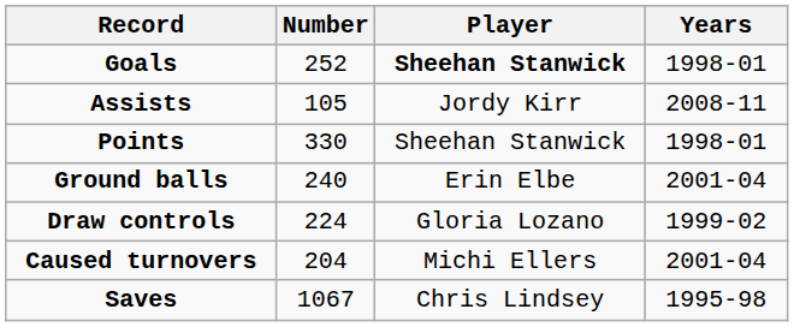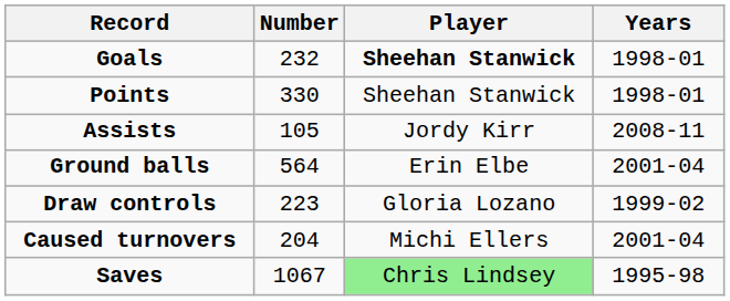 <table class="wikitable">
 <tr>
 <th style="width:140px; ">Record</th>
 <th style="width:35px; ">Number</th>
 <th style="width:140px; ">Player</th>
 <th style="width:70px; ">Years</th>
 </tr>
 <tr style="text-align:center;">
 <td><strong>Goals</strong></td>
-<td>252</td>
+<td>232</td>
 <td><strong>Sheehan Stanwick</strong></td>
+<td>1998-01</td>
+</tr>
+<tr style="text-align:center;">
+<td><strong>Points</strong></td>
+<td>330</td>
+<td>Sheehan Stanwick</td>
 <td>1998-01</td>
 </tr>
 <tr style="text-align:center;">
 <td><strong>Assists</strong></td>
 <td>105</td>
 <td>Jordy Kirr</td>
 <td>2008-11</td>
 </tr>
 <tr style="text-align:center;">
-<td><strong>Points</strong></td>
-<td>330</td>
-<td>Sheehan Stanwick</td>
-<td>1998-01</td>
-</tr>
-<tr style="text-align:center;">
 <td><strong>Ground balls</strong></td>
-<td>240</td>
+<td>564</td>
 <td>Erin Elbe</td>
 <td>2001-04</td>
 </tr>
 <tr style="text-align:center;">
 <td><strong>Draw controls</strong></td>
-<td>224</td>
+<td>223</td>
 <td>Gloria Lozano</td>
 <td>1999-02</td>
 </tr>
 <tr style="text-align:center;">
 <td><strong>Caused turnovers</strong></td>
 <td>204</td>
 <td>Michi Ellers</td>
 <td>2001-04</td>
 </tr>
 <tr style="text-align:center;">
 <td><strong>Saves</strong></td>
 <td>1067</td>
-<td>Chris Lindsey</td>
+<td style="background: lightgreen;">Chris Lindsey</td>
 <td>1995-98</td>
 </tr>
 </table>
